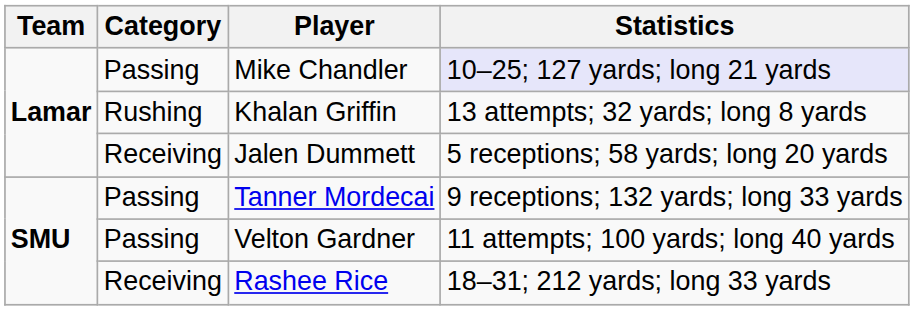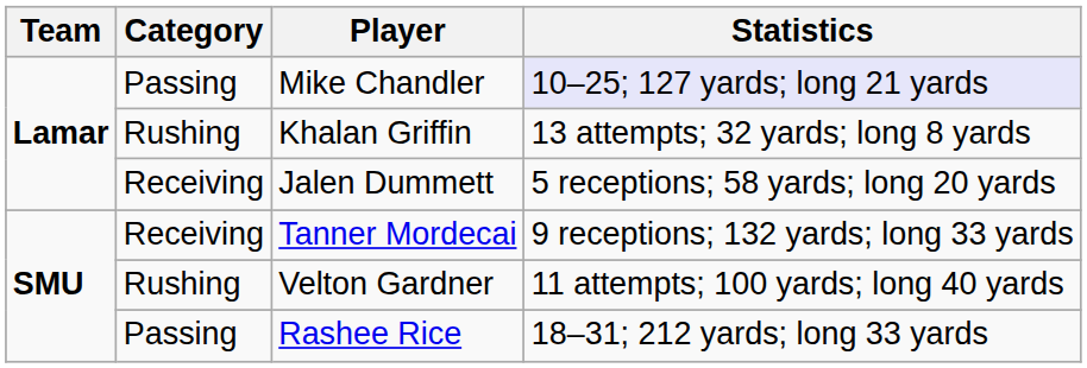 <table class="wikitable" style="float: right;">
 <tr>
 <th>Team</th>
 <th>Category</th>
 <th>Player</th>
 <th>Statistics</th>
 </tr>
 <tr>
 <td rowspan=3><strong>Lamar</strong></td>
 <td>Passing</td>
 <td>Mike Chandler</td>
 <td style="background: lavender;">10–25; 127 yards; long 21 yards</td>
 </tr>
 <tr>
 <td>Rushing</td>
 <td>Khalan Griffin</td>
 <td>13 attempts; 32 yards; long 8 yards</td>
 </tr>
 <tr>
 <td>Receiving</td>
 <td>Jalen Dummett</td>
 <td>5 receptions; 58 yards; long 20 yards</td>
 </tr>
 <tr>
 <td rowspan=3><strong>SMU</strong></td>
-<td>Passing</td>
+<td>Receiving</td>
 <td><a href='#'>Tanner Mordecai</a></td>
 <td>9 receptions; 132 yards; long 33 yards</td>
 </tr>
 <tr>
-<td>Passing</td>
+<td>Rushing</td>
 <td>Velton Gardner</td>
 <td>11 attempts; 100 yards; long 40 yards</td>
 </tr>
 <tr>
-<td>Receiving</td>
+<td>Passing</td>
 <td><a href='#'>Rashee Rice</a></td>
 <td>18–31; 212 yards; long 33 yards</td>
 </tr>
 </table>
